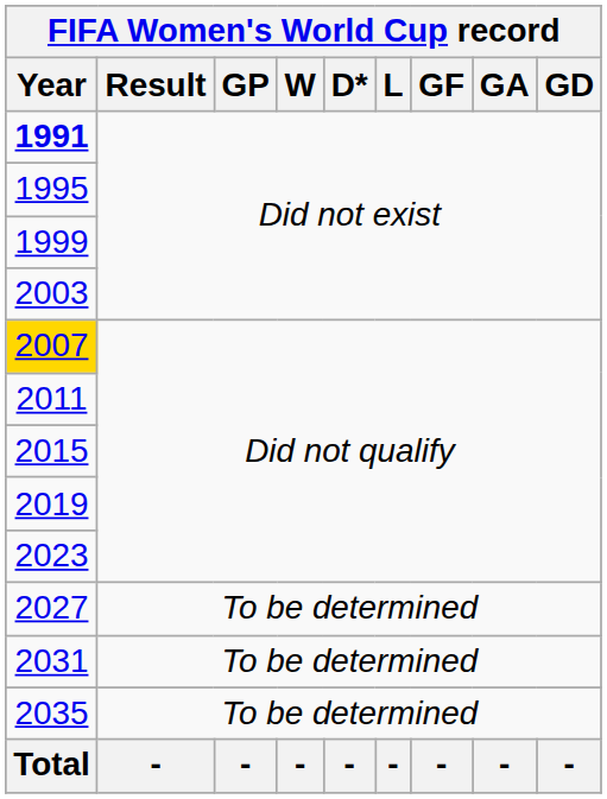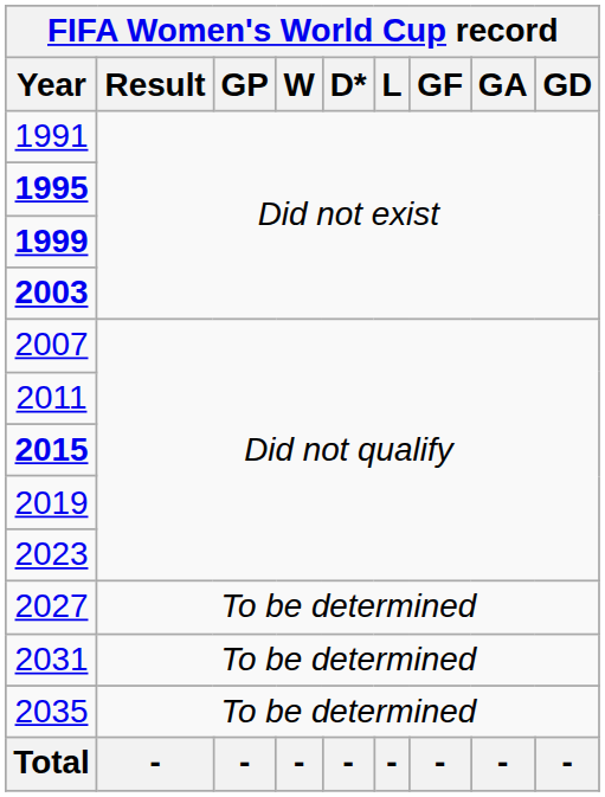 <table class="wikitable" style="text-align: center">
 <tr>
 <th colspan=100><a href='#'>FIFA Women's World Cup</a> record</th>
 </tr>
 <tr>
 <th>Year</th>
 <th>Result</th>
 <th>GP</th>
 <th>W</th>
 <th>D*</th>
 <th>L</th>
 <th>GF</th>
 <th>GA</th>
 <th>GD</th>
 </tr>
 <tr>
-<td><strong> <a href='#'>1991</a></strong></td>
+<td> <a href='#'>1991</a></td>
 <td colspan=8 rowspan=4><em>Did not exist</em></td>
 </tr>
 <tr>
-<td> <a href='#'>1995</a></td>
+<td><strong> <a href='#'>1995</a></strong></td>
 </tr>
 <tr>
-<td> <a href='#'>1999</a></td>
+<td><strong> <a href='#'>1999</a></strong></td>
 </tr>
 <tr>
-<td> <a href='#'>2003</a></td>
+<td><strong> <a href='#'>2003</a></strong></td>
 </tr>
 <tr>
-<td style="background: gold;"> <a href='#'>2007</a></td>
+<td> <a href='#'>2007</a></td>
 <td colspan=8 rowspan=5><em>Did not qualify</em></td>
 </tr>
 <tr>
 <td> <a href='#'>2011</a></td>
 </tr>
 <tr>
-<td> <a href='#'>2015</a></td>
+<td><strong> <a href='#'>2015</a></strong></td>
 </tr>
 <tr>
 <td> <a href='#'>2019</a></td>
 </tr>
 <tr>
 <td> <a href='#'>2023</a></td>
 </tr>
 <tr>
 <td> <a href='#'>2027</a></td>
 <td colspan=8><em>To be determined</em></td>
 </tr>
 <tr>
 <td> <a href='#'>2031</a></td>
 <td colspan=8><em>To be determined</em></td>
 </tr>
 <tr>
 <td> <a href='#'>2035</a></td>
 <td colspan=8><em>To be determined</em></td>
 </tr>
 <tr>
 <th>Total</th>
 <th>-</th>
 <th>-</th>
 <th>-</th>
 <th>-</th>
 <th>-</th>
 <th>-</th>
 <th>-</th>
 <th>-</th>
 </tr>
 </table>
